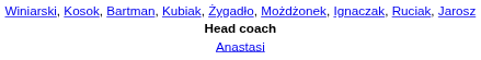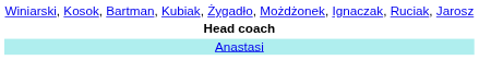 <table style="text-align: center; margin-top: 2em; margin-left: auto; margin-right: auto">
 <tr>
 <td><a href='#'>Winiarski</a>, <a href='#'>Kosok</a>, <a href='#'>Bartman</a>, <a href='#'>Kubiak</a>, <a href='#'>Żygadło</a>, <a href='#'>Możdżonek</a>, <a href='#'>Ignaczak</a>, <a href='#'>Ruciak</a>, <a href='#'>Jarosz</a></td>
 </tr>
 <tr>
 <td><strong>Head coach</strong></td>
 </tr>
 <tr>
-<td><a href='#'>Anastasi</a></td>
+<td style="background: paleturquoise;"><a href='#'>Anastasi</a></td>
 </tr>
 </table>
